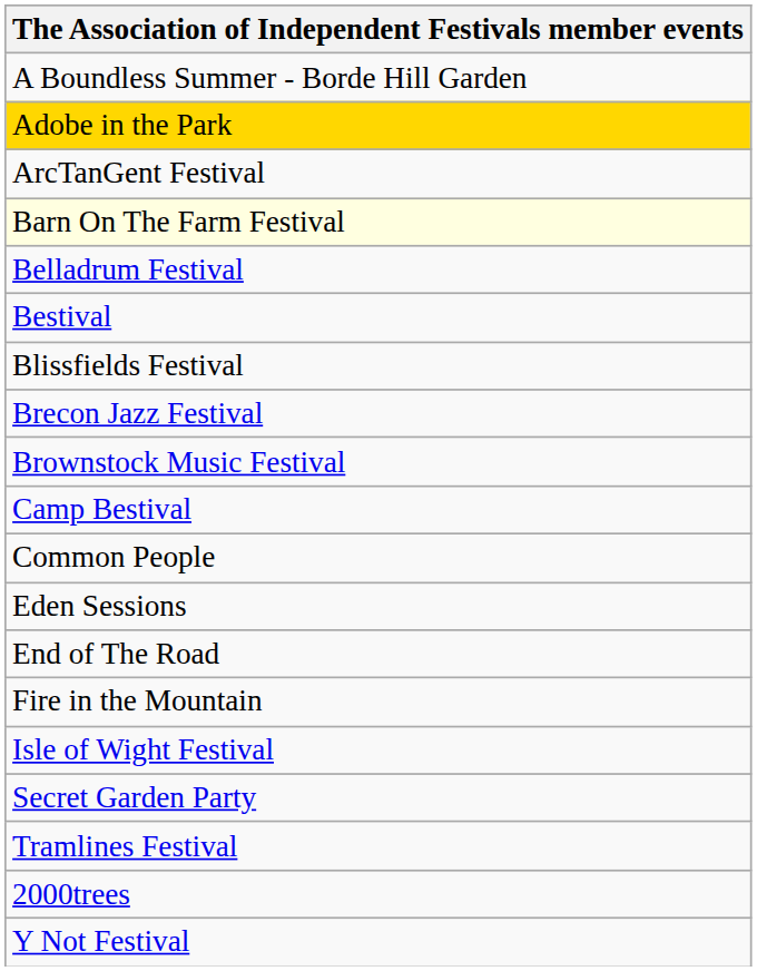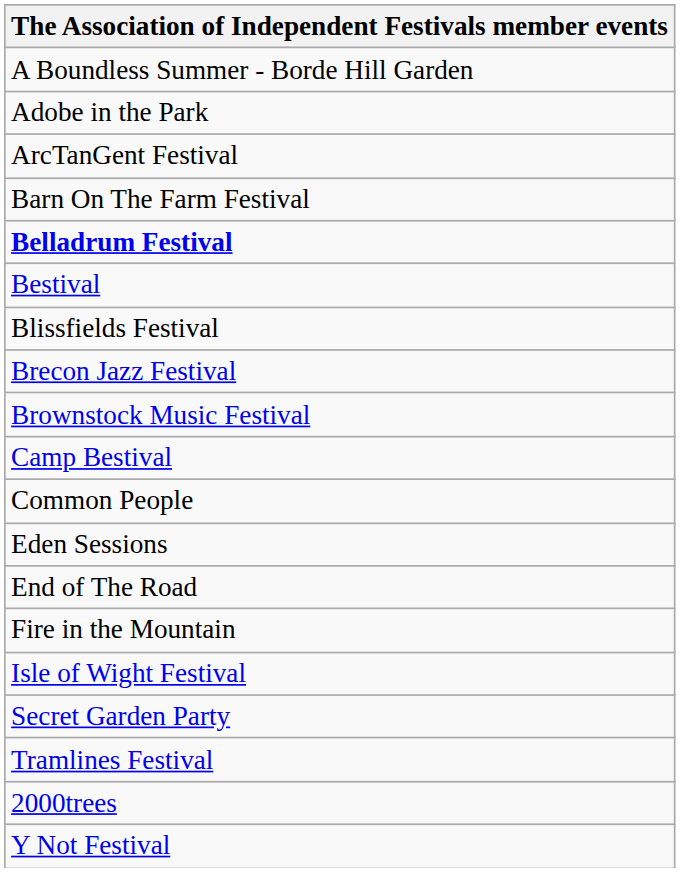 <table class="wikitable">
 <tr>
 <th>The Association of Independent Festivals member events</th>
 </tr>
 <tr>
 <td>A Boundless Summer - Borde Hill Garden</td>
 </tr>
 <tr>
-<td style="background: gold;">Adobe in the Park</td>
+<td>Adobe in the Park</td>
 </tr>
 <tr>
 <td>ArcTanGent Festival</td>
 </tr>
 <tr>
-<td style="background: lightyellow;">Barn On The Farm Festival</td>
+<td>Barn On The Farm Festival</td>
 </tr>
 <tr>
-<td><a href='#'>Belladrum Festival</a></td>
+<td><strong><a href='#'>Belladrum Festival</a></strong></td>
 </tr>
 <tr>
 <td><a href='#'>Bestival</a></td>
 </tr>
 <tr>
 <td>Blissfields Festival</td>
 </tr>
 <tr>
 <td><a href='#'>Brecon Jazz Festival</a></td>
 </tr>
 <tr>
 <td><a href='#'>Brownstock Music Festival</a></td>
 </tr>
 <tr>
 <td><a href='#'>Camp Bestival</a></td>
 </tr>
 <tr>
 <td>Common People</td>
 </tr>
 <tr>
 <td>Eden Sessions</td>
 </tr>
 <tr>
 <td>End of The Road</td>
 </tr>
 <tr>
 <td>Fire in the Mountain</td>
 </tr>
 <tr>
 <td><a href='#'>Isle of Wight Festival</a></td>
 </tr>
 <tr>
 <td><a href='#'>Secret Garden Party</a></td>
 </tr>
 <tr>
 <td><a href='#'>Tramlines Festival</a></td>
 </tr>
 <tr>
 <td><a href='#'>2000trees</a></td>
 </tr>
 <tr>
 <td><a href='#'>Y Not Festival</a></td>
 </tr>
 </table>
